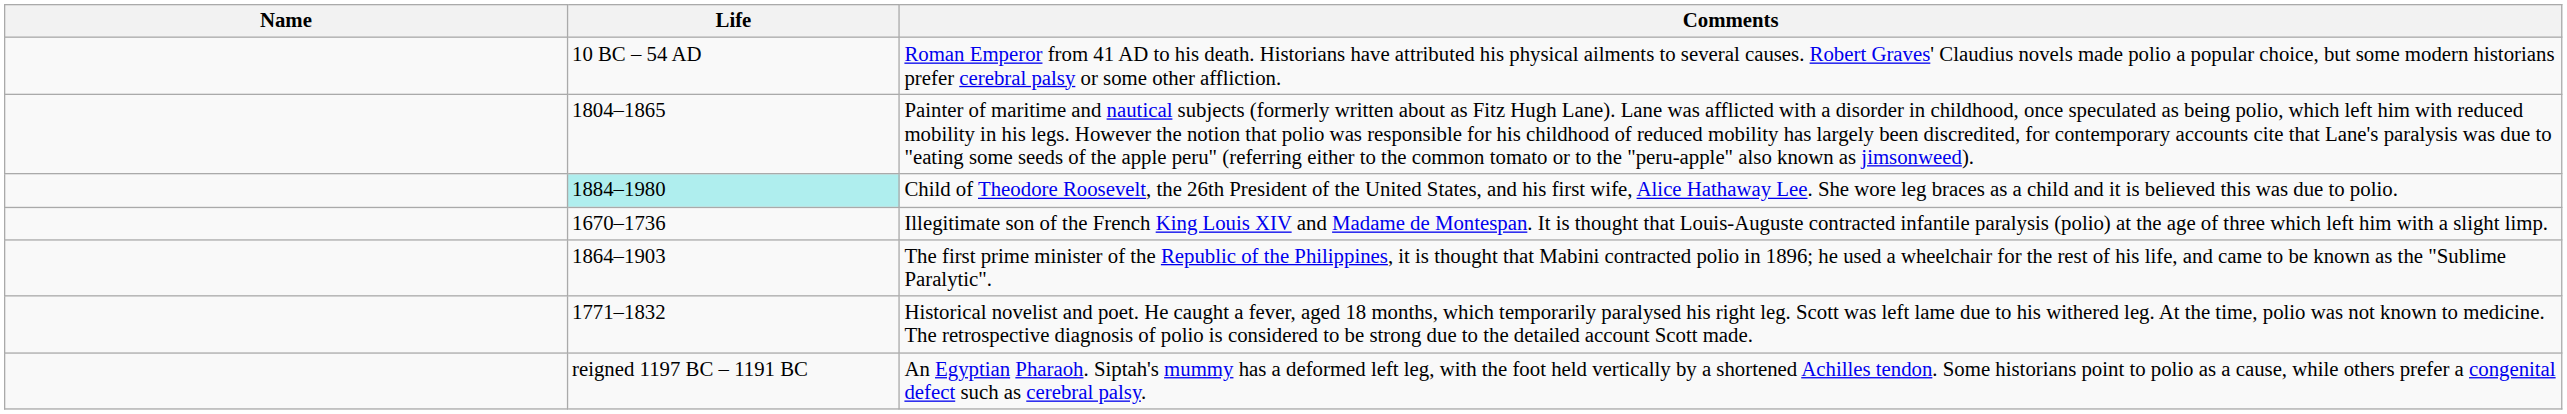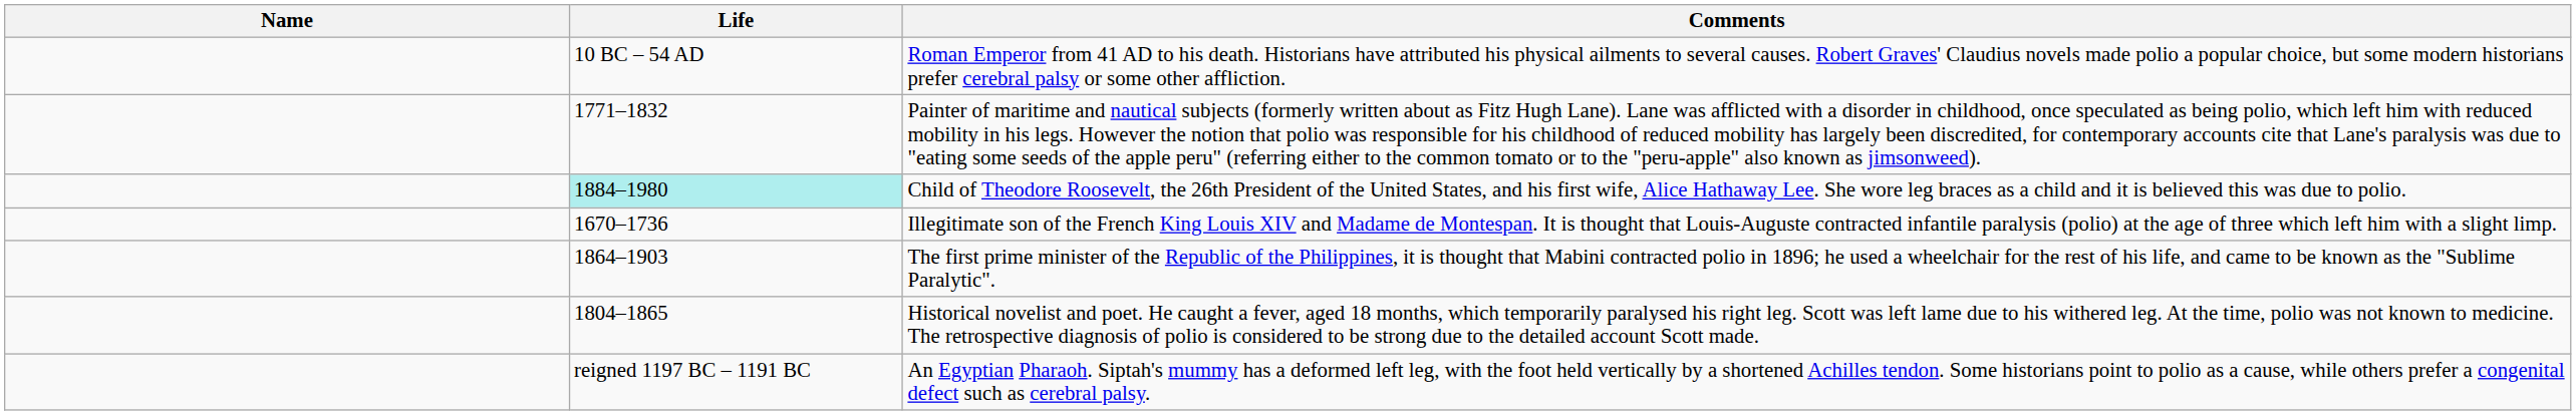 <table class="sortable wikitable">
 <tr>
 <th width="22%">Name</th>
 <th width="13%">Life</th>
 <th class="unsortable" width="65%">Comments</th>
 </tr>
 <tr valign="top">
 <td></td>
 <td>10 BC – 54 AD</td>
 <td><a href='#'>Roman Emperor</a> from 41 AD to his death. Historians have attributed his physical ailments to several causes. <a href='#'>Robert Graves</a>' Claudius novels made polio a popular choice, but some modern historians prefer <a href='#'>cerebral palsy</a> or some other affliction.</td>
 </tr>
 <tr valign="top">
 <td></td>
-<td>1804–1865</td>
+<td>1771–1832</td>
 <td>Painter of maritime and <a href='#'>nautical</a> subjects (formerly written about as Fitz Hugh Lane). Lane was afflicted with a disorder in childhood, once speculated as being polio, which left him with reduced mobility in his legs. However the notion that polio was responsible for his childhood of reduced mobility has largely been discredited, for contemporary accounts cite that Lane's paralysis was due to "eating some seeds of the apple peru" (referring either to the common tomato or to the "peru-apple" also known as <a href='#'>jimsonweed</a>).</td>
 </tr>
 <tr valign="top">
 <td></td>
 <td style="background: paleturquoise;">1884–1980</td>
 <td>Child of <a href='#'>Theodore Roosevelt</a>, the 26th President of the United States, and his first wife, <a href='#'>Alice Hathaway Lee</a>. She wore leg braces as a child and it is believed this was due to polio.</td>
 </tr>
 <tr valign="top">
 <td></td>
 <td>1670–1736</td>
 <td>Illegitimate son of the French <a href='#'>King Louis XIV</a> and <a href='#'>Madame de Montespan</a>. It is thought that Louis-Auguste contracted infantile paralysis (polio) at the age of three which left him with a slight limp.</td>
 </tr>
 <tr valign="top">
 <td></td>
 <td>1864–1903</td>
 <td>The first prime minister of the <a href='#'>Republic of the Philippines</a>, it is thought that Mabini contracted polio in 1896; he used a wheelchair for the rest of his life, and came to be known as the "Sublime Paralytic".</td>
 </tr>
 <tr valign="top">
 <td></td>
-<td>1771–1832</td>
+<td>1804–1865</td>
 <td>Historical novelist and poet. He caught a fever, aged 18 months, which temporarily paralysed his right leg. Scott was left lame due to his withered leg. At the time, polio was not known to medicine. The retrospective diagnosis of polio is considered to be strong due to the detailed account Scott made.</td>
 </tr>
 <tr valign="top">
 <td></td>
 <td>reigned 1197 BC – 1191 BC</td>
 <td>An <a href='#'>Egyptian</a> <a href='#'>Pharaoh</a>. Siptah's <a href='#'>mummy</a> has a deformed left leg, with the foot held vertically by a shortened <a href='#'>Achilles tendon</a>. Some historians point to polio as a cause, while others prefer a <a href='#'>congenital defect</a> such as <a href='#'>cerebral palsy</a>.</td>
 </tr>
 </table>
